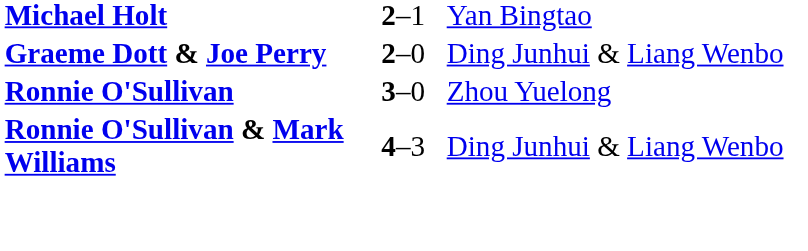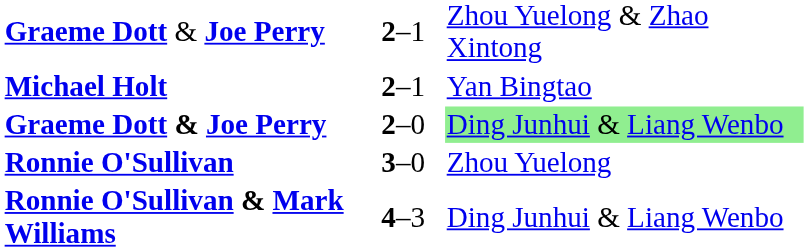 <table width="50%" cellspacing="1">
 <tr>
 <th width=45%></th>
 <th width=10%></th>
 <th width=45%></th>
+</tr>
+<tr>
+<td> <strong><a href='#'>Graeme Dott</a></strong> & <strong><a href='#'>Joe Perry</a></strong></td>
+<td align="center"><strong>2</strong>–1</td>
+<td> <a href='#'>Zhou Yuelong</a> & <a href='#'>Zhao Xintong</a></td>
 </tr>
 <tr>
 <td><strong> <a href='#'>Michael Holt</a> </strong></td>
 <td align="center"><strong>2</strong>–1</td>
 <td> <a href='#'>Yan Bingtao</a></td>
 </tr>
 <tr>
 <td><strong> <a href='#'>Graeme Dott</a> & <a href='#'>Joe Perry</a></strong></td>
 <td align=center><strong>2</strong>–0</td>
-<td> <a href='#'>Ding Junhui</a> & <a href='#'>Liang Wenbo</a></td>
+<td style="background: lightgreen;"> <a href='#'>Ding Junhui</a> & <a href='#'>Liang Wenbo</a></td>
 </tr>
 <tr>
 <td><strong> <a href='#'>Ronnie O'Sullivan</a> </strong></td>
 <td align="center"><strong>3</strong>–0</td>
 <td> <a href='#'>Zhou Yuelong</a></td>
 </tr>
 <tr>
 <td><strong> <a href='#'>Ronnie O'Sullivan</a> & <a href='#'>Mark Williams</a></strong></td>
 <td align=center><strong>4</strong>–3</td>
 <td> <a href='#'>Ding Junhui</a> & <a href='#'>Liang Wenbo</a></td>
 </tr>
 </table>
